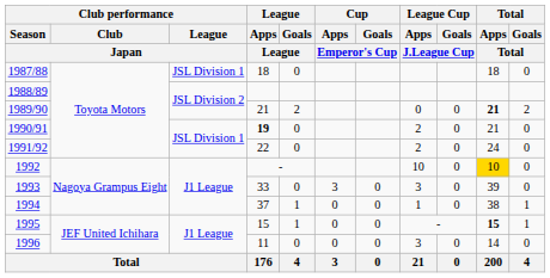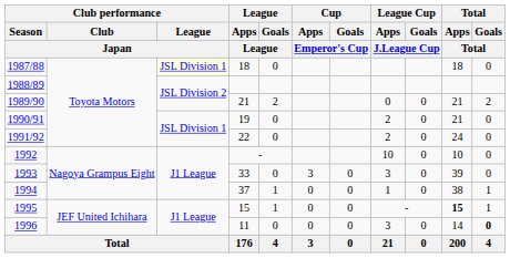 <table class="wikitable" style="text-align:center;">
 <tr>
 <th colspan=3>Club performance</th>
 <th colspan=2>League</th>
 <th colspan=2>Cup</th>
 <th colspan=2>League Cup</th>
 <th colspan=2>Total</th>
 </tr>
 <tr>
 <th>Season</th>
 <th>Club</th>
 <th>League</th>
 <th>Apps</th>
 <th>Goals</th>
 <th>Apps</th>
 <th>Goals</th>
 <th>Apps</th>
 <th>Goals</th>
 <th>Apps</th>
 <th>Goals</th>
 </tr>
 <tr>
 <th colspan=3>Japan</th>
 <th colspan=2>League</th>
 <th colspan=2><a href='#'>Emperor's Cup</a></th>
 <th colspan=2><a href='#'>J.League Cup</a></th>
 <th colspan=2>Total</th>
 </tr>
 <tr>
 <td><a href='#'>1987/88</a></td>
 <td rowspan="5"><a href='#'>Toyota Motors</a></td>
-<td><a href='#'>JSL Division 1</a></td>
+<td style="background: lightyellow;"><a href='#'>JSL Division 1</a></td>
 <td>18</td>
 <td>0</td>
 <td></td>
 <td></td>
 <td></td>
 <td></td>
 <td>18</td>
 <td>0</td>
 </tr>
 <tr>
 <td><a href='#'>1988/89</a></td>
 <td rowspan="2"><a href='#'>JSL Division 2</a></td>
 <td></td>
 <td></td>
 <td></td>
 <td></td>
 <td></td>
 <td></td>
 <td></td>
 <td></td>
 </tr>
 <tr>
 <td><a href='#'>1989/90</a></td>
 <td>21</td>
 <td>2</td>
 <td></td>
 <td></td>
 <td>0</td>
 <td>0</td>
-<td><strong>21</strong></td>
+<td>21</td>
 <td>2</td>
 </tr>
 <tr>
 <td><a href='#'>1990/91</a></td>
 <td rowspan="2"><a href='#'>JSL Division 1</a></td>
-<td><strong>19</strong></td>
+<td>19</td>
 <td>0</td>
 <td></td>
 <td></td>
 <td>2</td>
 <td>0</td>
 <td>21</td>
 <td>0</td>
 </tr>
 <tr>
 <td><a href='#'>1991/92</a></td>
 <td>22</td>
 <td>0</td>
 <td></td>
 <td></td>
 <td>2</td>
 <td>0</td>
 <td>24</td>
 <td>0</td>
 </tr>
 <tr>
 <td><a href='#'>1992</a></td>
 <td rowspan="3"><a href='#'>Nagoya Grampus Eight</a></td>
 <td rowspan="3"><a href='#'>J1 League</a></td>
 <td colspan="2">-</td>
 <td></td>
 <td></td>
 <td>10</td>
 <td>0</td>
-<td style="background: gold;">10</td>
+<td>10</td>
 <td>0</td>
 </tr>
 <tr>
 <td><a href='#'>1993</a></td>
 <td>33</td>
 <td>0</td>
 <td>3</td>
 <td>0</td>
 <td>3</td>
 <td>0</td>
 <td>39</td>
 <td>0</td>
 </tr>
 <tr>
 <td><a href='#'>1994</a></td>
 <td>37</td>
 <td>1</td>
 <td>0</td>
 <td>0</td>
 <td>1</td>
 <td>0</td>
 <td>38</td>
 <td>1</td>
 </tr>
 <tr>
 <td><a href='#'>1995</a></td>
 <td rowspan="2"><a href='#'>JEF United Ichihara</a></td>
 <td rowspan="2"><a href='#'>J1 League</a></td>
 <td>15</td>
 <td>1</td>
 <td>0</td>
 <td>0</td>
 <td colspan="2">-</td>
 <td><strong>15</strong></td>
 <td>1</td>
 </tr>
 <tr>
 <td><a href='#'>1996</a></td>
 <td>11</td>
 <td>0</td>
 <td>0</td>
 <td>0</td>
 <td>3</td>
 <td>0</td>
 <td>14</td>
-<td>0</td>
+<td><strong>0</strong></td>
 </tr>
 <tr>
 <th colspan=3>Total</th>
 <th>176</th>
 <th>4</th>
 <th>3</th>
 <th>0</th>
 <th>21</th>
 <th>0</th>
 <th>200</th>
 <th>4</th>
 </tr>
 </table>
